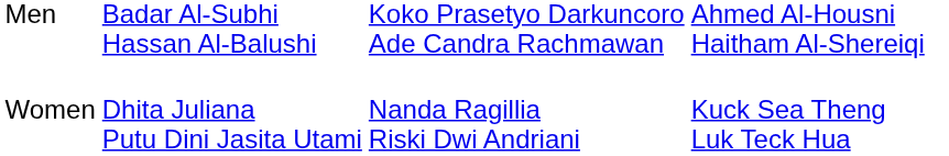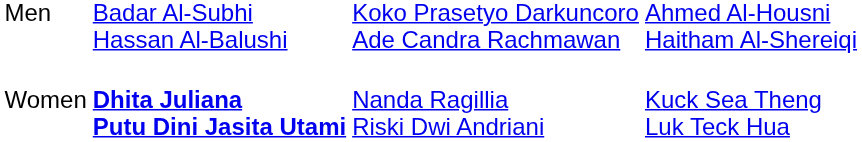 <table>
 <tr>
 <td>Men</td>
 <td><br><a href='#'>Badar Al-Subhi</a><br><a href='#'>Hassan Al-Balushi</a></td>
 <td><br><a href='#'>Koko Prasetyo Darkuncoro</a><br><a href='#'>Ade Candra Rachmawan</a></td>
 <td><br><a href='#'>Ahmed Al-Housni</a><br><a href='#'>Haitham Al-Shereiqi</a></td>
 </tr>
 <tr>
 <td>Women</td>
-<td><br><a href='#'>Dhita Juliana</a><br><a href='#'>Putu Dini Jasita Utami</a></td>
+<td><strong><br><a href='#'>Dhita Juliana</a><br><a href='#'>Putu Dini Jasita Utami</a></strong></td>
 <td><br><a href='#'>Nanda Ragillia</a><br><a href='#'>Riski Dwi Andriani</a></td>
 <td><br><a href='#'>Kuck Sea Theng</a><br><a href='#'>Luk Teck Hua</a></td>
 </tr>
 </table>
